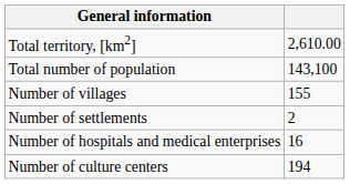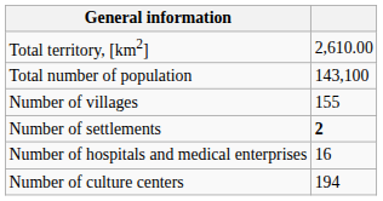 <table class="wikitable">
 <tr>
 <th>General information</th>
 <th></th>
 </tr>
 <tr>
 <td>Total territory, [km<sup>2</sup>]</td>
 <td>2,610.00</td>
 </tr>
 <tr>
 <td>Total number of population</td>
 <td>143,100</td>
 </tr>
 <tr>
 <td>Number of villages</td>
 <td>155</td>
 </tr>
 <tr>
 <td>Number of settlements</td>
-<td>2</td>
+<td><strong>2</strong></td>
 </tr>
 <tr>
 <td>Number of hospitals and medical enterprises</td>
 <td>16</td>
 </tr>
 <tr>
 <td>Number of culture centers</td>
 <td>194</td>
 </tr>
 </table>
